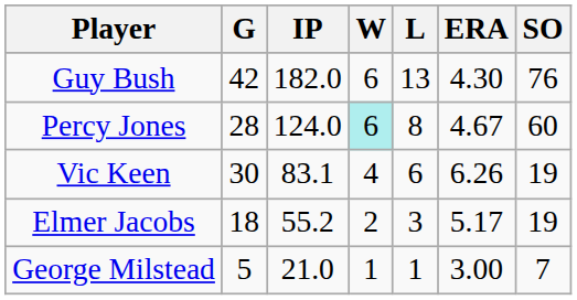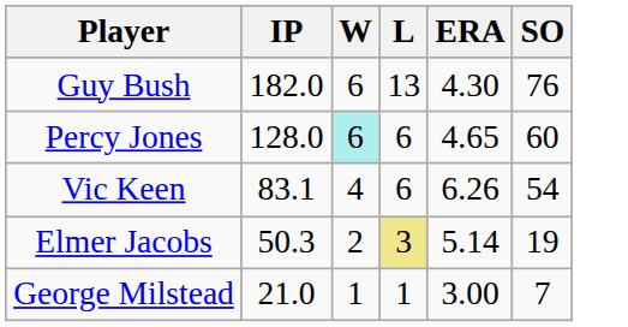 <table class="wikitable sortable" style="text-align:center;">
 <tr>
 <th>Player</th>
-<th>G</th>
 <th>IP</th>
 <th>W</th>
 <th>L</th>
 <th>ERA</th>
 <th>SO</th>
 </tr>
 <tr>
 <td><a href='#'>Guy Bush</a></td>
-<td>42</td>
 <td>182.0</td>
 <td>6</td>
 <td>13</td>
 <td>4.30</td>
 <td>76</td>
 </tr>
 <tr>
 <td><a href='#'>Percy Jones</a></td>
-<td>28</td>
-<td>124.0</td>
+<td>128.0</td>
 <td style="background: paleturquoise;">6</td>
-<td>8</td>
-<td>4.67</td>
+<td>6</td>
+<td>4.65</td>
 <td>60</td>
 </tr>
 <tr>
 <td><a href='#'>Vic Keen</a></td>
-<td>30</td>
 <td>83.1</td>
 <td>4</td>
 <td>6</td>
 <td>6.26</td>
-<td>19</td>
+<td>54</td>
 </tr>
 <tr>
 <td><a href='#'>Elmer Jacobs</a></td>
-<td>18</td>
-<td>55.2</td>
+<td>50.3</td>
 <td>2</td>
-<td>3</td>
-<td>5.17</td>
+<td style="background: khaki;">3</td>
+<td>5.14</td>
 <td>19</td>
 </tr>
 <tr>
 <td><a href='#'>George Milstead</a></td>
-<td>5</td>
 <td>21.0</td>
 <td>1</td>
 <td>1</td>
 <td>3.00</td>
 <td>7</td>
 </tr>
 </table>
